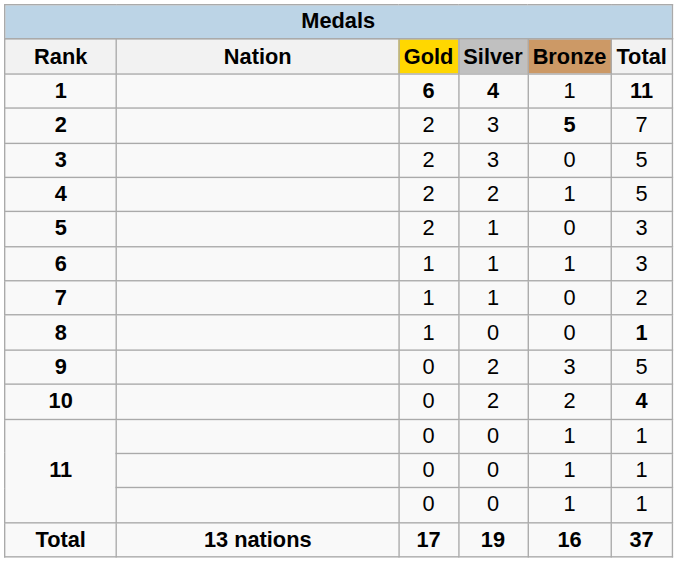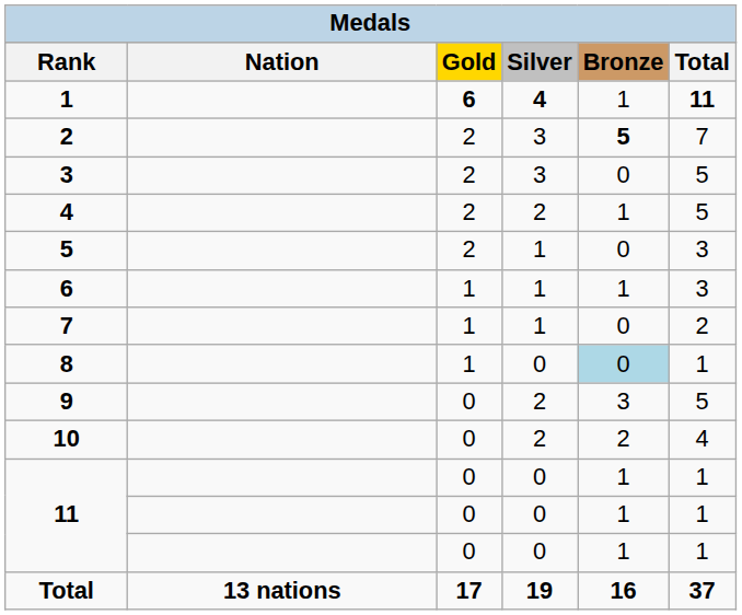 <table class="wikitable" style="text-align:center">
 <tr>
 <td colspan="6" style="background:#BCD4E6"><strong>Medals</strong></td>
 </tr>
 <tr>
 </tr>
 <tr style="background-color:#EDEDED;">
 <th width="75px" class="hintergrundfarbe5">Rank</th>
 <th width="200px" class="hintergrundfarbe6">Nation</th>
 <th style="background:    gold; width:35px ">Gold</th>
 <th style="background:  silver; width:35px ">Silver</th>
 <th style="background: #CC9966; width:35px ">Bronze</th>
 <th width="35px">Total</th>
 </tr>
 <tr>
 <td><strong>1</strong></td>
 <td align=left></td>
 <td><strong>6</strong></td>
 <td><strong>4</strong></td>
 <td>1</td>
 <td><strong>11</strong></td>
 </tr>
 <tr>
 <td><strong>2</strong></td>
 <td align=left><em></em></td>
 <td>2</td>
 <td>3</td>
 <td><strong>5</strong></td>
 <td>7</td>
 </tr>
 <tr>
 <td><strong>3</strong></td>
 <td align=left></td>
 <td>2</td>
 <td>3</td>
 <td>0</td>
 <td>5</td>
 </tr>
 <tr>
 <td><strong>4</strong></td>
 <td align=left><em></em></td>
 <td>2</td>
 <td>2</td>
 <td>1</td>
 <td>5</td>
 </tr>
 <tr>
 <td><strong>5</strong></td>
 <td align=left></td>
 <td>2</td>
 <td>1</td>
 <td>0</td>
 <td>3</td>
 </tr>
 <tr>
 <td><strong>6</strong></td>
 <td align=left></td>
 <td>1</td>
 <td>1</td>
 <td>1</td>
 <td>3</td>
 </tr>
 <tr>
 <td><strong>7</strong></td>
 <td align=left></td>
 <td>1</td>
 <td>1</td>
 <td>0</td>
 <td>2</td>
 </tr>
 <tr>
 <td><strong>8</strong></td>
 <td align=left><em></em></td>
 <td>1</td>
 <td>0</td>
-<td>0</td>
-<td><strong>1</strong></td>
+<td style="background: lightblue;">0</td>
+<td>1</td>
 </tr>
 <tr>
 <td><strong>9</strong></td>
 <td align=left></td>
 <td>0</td>
 <td>2</td>
 <td>3</td>
 <td>5</td>
 </tr>
 <tr>
 <td><strong>10</strong></td>
 <td align=left></td>
 <td>0</td>
 <td>2</td>
 <td>2</td>
-<td><strong>4</strong></td>
+<td>4</td>
 </tr>
 <tr>
 <td rowspan="3"><strong>11</strong></td>
 <td align=left></td>
 <td>0</td>
 <td>0</td>
 <td>1</td>
 <td>1</td>
 </tr>
 <tr>
 <td align=left></td>
 <td>0</td>
 <td>0</td>
 <td>1</td>
 <td>1</td>
 </tr>
 <tr>
 <td align=left><em></em></td>
 <td>0</td>
 <td>0</td>
 <td>1</td>
 <td>1</td>
 </tr>
 <tr>
 <td><strong>Total</strong></td>
 <td><strong>13 nations</strong></td>
 <td><strong>17</strong></td>
 <td><strong>19</strong></td>
 <td><strong>16</strong></td>
 <td><strong>37</strong></td>
 </tr>
 </table>
